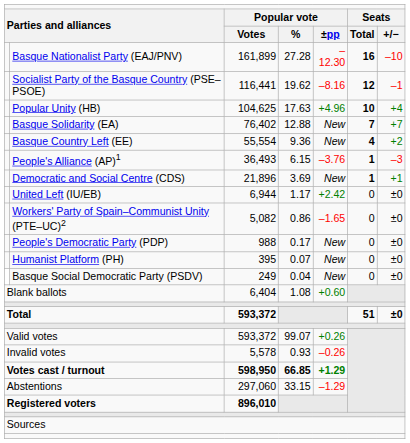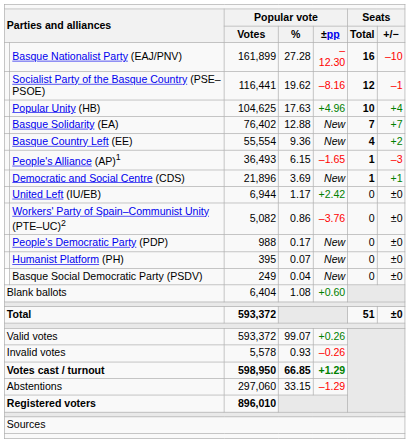 <table class="wikitable" style="text-align:right;">
 <tr>
 <td colspan="7"></td>
 </tr>
 <tr>
 <th style="text-align:left;" rowspan="2" colspan="2" width="525">Parties and alliances</th>
 <th colspan="3">Popular vote</th>
 <th colspan="2">Seats</th>
 </tr>
 <tr>
 <th width="75">Votes</th>
 <th width="45">%</th>
 <th width="45">±<a href='#'>pp</a></th>
 <th width="35">Total</th>
 <th width="35">+/−</th>
 </tr>
 <tr>
 <td width="1" style="color:inherit;background:"></td>
 <td align="left"><a href='#'>Basque Nationalist Party</a> (EAJ/PNV)</td>
 <td>161,899</td>
 <td>27.28</td>
 <td style="color:red;">–12.30</td>
 <td><strong>16</strong></td>
 <td style="color:red;">–10</td>
 </tr>
 <tr>
 <td style="color:inherit;background:"></td>
 <td align="left"><a href='#'>Socialist Party of the Basque Country</a> (PSE–PSOE)</td>
 <td>116,441</td>
 <td>19.62</td>
 <td style="color:red;">–8.16</td>
 <td><strong>12</strong></td>
 <td style="color:red;">–1</td>
 </tr>
 <tr>
 <td style="color:inherit;background:"></td>
 <td align="left"><a href='#'>Popular Unity</a> (HB)</td>
 <td>104,625</td>
 <td>17.63</td>
 <td style="color:green;">+4.96</td>
 <td><strong>10</strong></td>
 <td style="color:green;">+4</td>
 </tr>
 <tr>
 <td style="color:inherit;background:"></td>
 <td align="left"><a href='#'>Basque Solidarity</a> (EA)</td>
 <td>76,402</td>
 <td>12.88</td>
 <td><em>New</em></td>
 <td><strong>7</strong></td>
 <td style="color:green;">+7</td>
 </tr>
 <tr>
 <td style="color:inherit;background:"></td>
 <td align="left"><a href='#'>Basque Country Left</a> (EE)</td>
 <td>55,554</td>
 <td>9.36</td>
 <td><em>New</em></td>
 <td><strong>4</strong></td>
 <td style="color:green;">+2</td>
 </tr>
 <tr>
 <td style="color:inherit;background:"></td>
 <td align="left"><a href='#'>People's Alliance</a> (AP)<sup>1</sup></td>
 <td>36,493</td>
 <td>6.15</td>
-<td style="color:red;">–3.76</td>
+<td style="color:red;">–1.65</td>
 <td><strong>1</strong></td>
 <td style="color:red;">–3</td>
 </tr>
 <tr>
 <td style="color:inherit;background:"></td>
 <td align="left"><a href='#'>Democratic and Social Centre</a> (CDS)</td>
 <td>21,896</td>
 <td>3.69</td>
 <td><em>New</em></td>
 <td><strong>1</strong></td>
 <td style="color:green;">+1</td>
 </tr>
 <tr>
 <td style="color:inherit;background:"></td>
 <td align="left"><a href='#'>United Left</a> (IU/EB)</td>
 <td>6,944</td>
 <td>1.17</td>
 <td style="color:green;">+2.42</td>
 <td>0</td>
 <td>±0</td>
 </tr>
 <tr>
 <td style="color:inherit;background:"></td>
 <td align="left"><a href='#'>Workers' Party of Spain–Communist Unity</a> (PTE–UC)<sup>2</sup></td>
 <td>5,082</td>
 <td>0.86</td>
-<td style="color:red;">–1.65</td>
+<td style="color:red;">–3.76</td>
 <td>0</td>
 <td>±0</td>
 </tr>
 <tr>
 <td style="color:inherit;background:"></td>
 <td align="left"><a href='#'>People's Democratic Party</a> (PDP)</td>
 <td>988</td>
 <td>0.17</td>
 <td><em>New</em></td>
 <td>0</td>
 <td>±0</td>
 </tr>
 <tr>
 <td style="color:inherit;background:"></td>
 <td align="left"><a href='#'>Humanist Platform</a> (PH)</td>
 <td>395</td>
 <td>0.07</td>
 <td><em>New</em></td>
 <td>0</td>
 <td>±0</td>
 </tr>
 <tr>
 <td bgcolor="white"></td>
 <td align="left">Basque Social Democratic Party (PSDV)</td>
 <td>249</td>
 <td>0.04</td>
 <td><em>New</em></td>
 <td>0</td>
 <td>±0</td>
 </tr>
 <tr>
 <td align="left" colspan="2">Blank ballots</td>
 <td>6,404</td>
 <td>1.08</td>
 <td style="color:green;">+0.60</td>
 <td bgcolor="#E9E9E9" colspan="2"></td>
 </tr>
 <tr>
 <td colspan="7" bgcolor="#E9E9E9"></td>
 </tr>
 <tr style="font-weight:bold;">
 <td align="left" colspan="2">Total</td>
 <td>593,372</td>
 <td bgcolor="#E9E9E9" colspan="2"></td>
 <td>51</td>
 <td>±0</td>
 </tr>
 <tr>
 <td colspan="7" bgcolor="#E9E9E9"></td>
 </tr>
 <tr>
 <td align="left" colspan="2">Valid votes</td>
 <td>593,372</td>
 <td>99.07</td>
 <td style="color:green;">+0.26</td>
 <td bgcolor="#E9E9E9" colspan="2" rowspan="5"></td>
 </tr>
 <tr>
 <td align="left" colspan="2">Invalid votes</td>
 <td>5,578</td>
 <td>0.93</td>
 <td style="color:red;">–0.26</td>
 </tr>
 <tr style="font-weight:bold;">
 <td align="left" colspan="2">Votes cast / turnout</td>
 <td>598,950</td>
 <td>66.85</td>
 <td style="color:green;">+1.29</td>
 </tr>
 <tr>
 <td align="left" colspan="2">Abstentions</td>
 <td>297,060</td>
 <td>33.15</td>
 <td style="color:red;">–1.29</td>
 </tr>
 <tr style="font-weight:bold;">
 <td align="left" colspan="2">Registered voters</td>
 <td>896,010</td>
 <td bgcolor="#E9E9E9" colspan="2"></td>
 </tr>
 <tr>
 <td colspan="7" bgcolor="#E9E9E9"></td>
 </tr>
 <tr>
 <td align="left" colspan="7">Sources</td>
 </tr>
 <tr>
 <td colspan="7" style="text-align:left; max-width:790px;"></td>
 </tr>
 </table>
